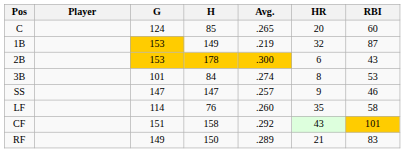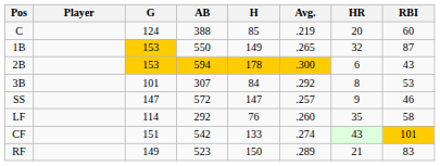 <table class="wikitable sortable">
 <tr>
 <th bgcolor="#DDDDFF" width="5%">Pos</th>
 <th bgcolor="#DDDDFF" width="16%">Player</th>
 <th bgcolor="#DDDDFF" width="9%">G</th>
+<th bgcolor="#DDDDFF" width="9%">AB</th>
 <th bgcolor="#DDDDFF" width="9%">H</th>
 <th bgcolor="#DDDDFF" width="9%">Avg.</th>
 <th bgcolor="#DDDDFF" width="9%">HR</th>
 <th bgcolor="#DDDDFF" width="9%">RBI</th>
 </tr>
 <tr align="center">
 <td>C</td>
 <td></td>
 <td>124</td>
+<td>388</td>
 <td>85</td>
-<td>.265</td>
+<td>.219</td>
 <td>20</td>
 <td>60</td>
 </tr>
 <tr align="center">
 <td>1B</td>
 <td></td>
 <td style="background:#fc0;">153</td>
+<td>550</td>
 <td>149</td>
-<td>.219</td>
+<td>.265</td>
 <td>32</td>
 <td>87</td>
 </tr>
 <tr align="center">
 <td>2B</td>
 <td></td>
 <td style="background:#fc0;">153</td>
+<td style="background:#fc0;">594</td>
 <td style="background:#fc0;">178</td>
 <td style="background:#fc0;">.300</td>
 <td>6</td>
 <td>43</td>
 </tr>
 <tr align="center">
 <td>3B</td>
 <td></td>
 <td>101</td>
+<td>307</td>
 <td>84</td>
-<td>.274</td>
+<td>.292</td>
 <td>8</td>
 <td>53</td>
 </tr>
 <tr align="center">
 <td>SS</td>
 <td></td>
 <td>147</td>
+<td>572</td>
 <td>147</td>
 <td>.257</td>
 <td>9</td>
 <td>46</td>
 </tr>
 <tr align="center">
 <td>LF</td>
 <td></td>
 <td>114</td>
+<td>292</td>
 <td>76</td>
 <td>.260</td>
 <td>35</td>
 <td>58</td>
 </tr>
 <tr align="center">
 <td>CF</td>
 <td></td>
 <td>151</td>
-<td>158</td>
-<td>.292</td>
+<td>542</td>
+<td>133</td>
+<td>.274</td>
 <td style="background:#DDFFDD;">43</td>
 <td style="background:#fc0;">101</td>
 </tr>
 <tr align="center">
 <td>RF</td>
 <td></td>
 <td>149</td>
+<td>523</td>
 <td>150</td>
 <td>.289</td>
 <td>21</td>
 <td>83</td>
 </tr>
 </table>
